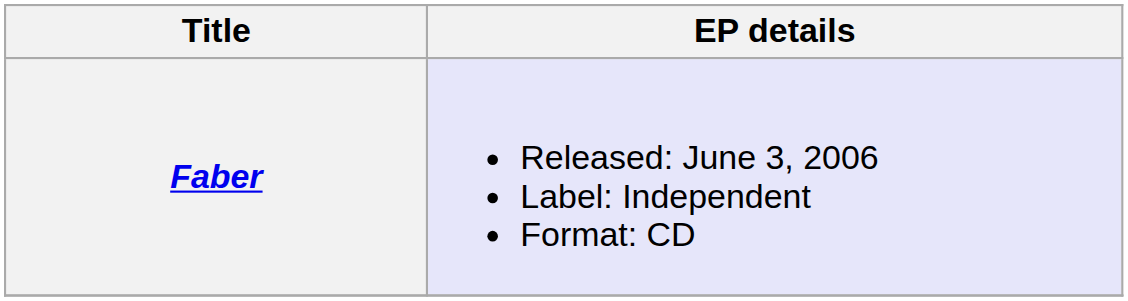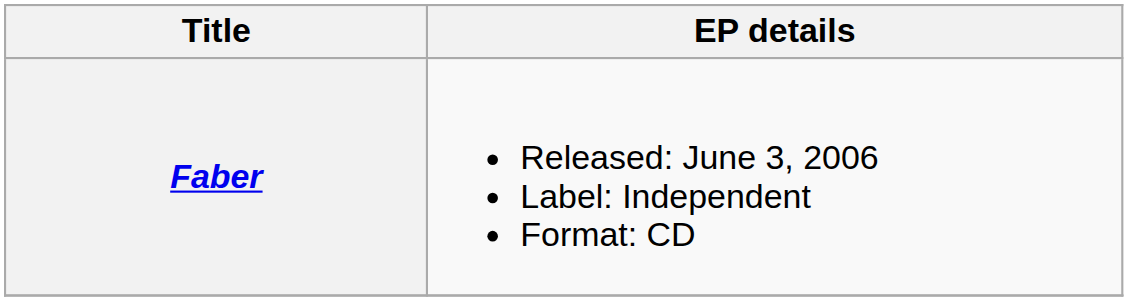 <table class="wikitable plainrowheaders">
 <tr>
 <th scope="col" style="width:12em;">Title</th>
 <th scope="col" style="width:20em;">EP details</th>
 </tr>
 <tr>
 <th scope="row"><em><a href='#'>Faber</a></em></th>
-<td style="background: lavender;"><br><ul><li>Released: June 3, 2006</li><li>Label: Independent</li><li>Format: CD</li></ul></td>
+<td><br><ul><li>Released: June 3, 2006</li><li>Label: Independent</li><li>Format: CD</li></ul></td>
 </tr>
 <tr>
 </tr>
 </table>
